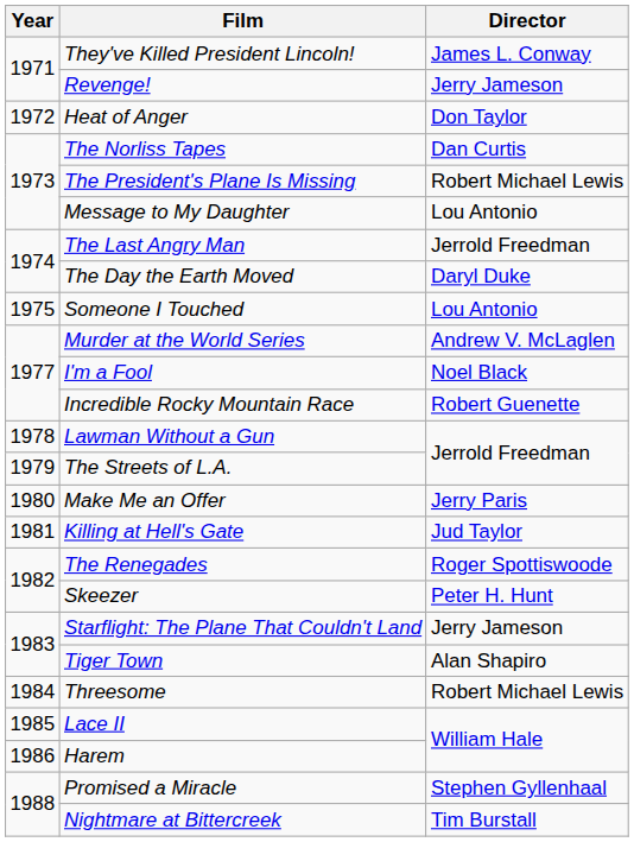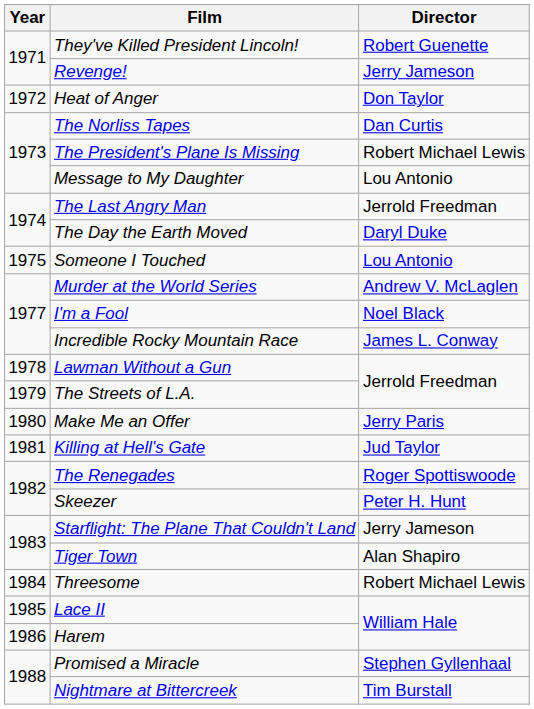 <table class="wikitable">
 <tr>
 <th>Year</th>
 <th>Film</th>
 <th>Director</th>
 </tr>
 <tr>
 <td rowspan=2>1971</td>
 <td><em>They've Killed President Lincoln!</em></td>
-<td><a href='#'>James L. Conway</a></td>
+<td><a href='#'>Robert Guenette</a></td>
 </tr>
 <tr>
 <td><em><a href='#'>Revenge!</a></em></td>
 <td><a href='#'>Jerry Jameson</a></td>
 </tr>
 <tr>
 <td>1972</td>
 <td><em>Heat of Anger</em></td>
 <td><a href='#'>Don Taylor</a></td>
 </tr>
 <tr>
 <td rowspan=3>1973</td>
 <td><em><a href='#'>The Norliss Tapes</a></em></td>
 <td><a href='#'>Dan Curtis</a></td>
 </tr>
 <tr>
 <td><em><a href='#'>The President's Plane Is Missing</a></em></td>
 <td>Robert Michael Lewis</td>
 </tr>
 <tr>
 <td><em>Message to My Daughter</em></td>
 <td>Lou Antonio</td>
 </tr>
 <tr>
 <td rowspan=2>1974</td>
 <td><em><a href='#'>The Last Angry Man</a></em></td>
 <td>Jerrold Freedman</td>
 </tr>
 <tr>
 <td><em>The Day the Earth Moved</em></td>
 <td><a href='#'>Daryl Duke</a></td>
 </tr>
 <tr>
 <td>1975</td>
 <td><em>Someone I Touched</em></td>
 <td><a href='#'>Lou Antonio</a></td>
 </tr>
 <tr>
 <td rowspan=3>1977</td>
 <td><em><a href='#'>Murder at the World Series</a></em></td>
 <td><a href='#'>Andrew V. McLaglen</a></td>
 </tr>
 <tr>
 <td><em><a href='#'>I'm a Fool</a></em></td>
 <td><a href='#'>Noel Black</a></td>
 </tr>
 <tr>
 <td><em>Incredible Rocky Mountain Race</em></td>
-<td><a href='#'>Robert Guenette</a></td>
+<td><a href='#'>James L. Conway</a></td>
 </tr>
 <tr>
 <td>1978</td>
 <td><em><a href='#'>Lawman Without a Gun</a></em></td>
 <td rowspan=2>Jerrold Freedman</td>
 </tr>
 <tr>
 <td>1979</td>
 <td><em>The Streets of L.A.</em></td>
 </tr>
 <tr>
 <td>1980</td>
 <td><em>Make Me an Offer</em></td>
 <td><a href='#'>Jerry Paris</a></td>
 </tr>
 <tr>
 <td>1981</td>
 <td><em><a href='#'>Killing at Hell's Gate</a></em></td>
 <td><a href='#'>Jud Taylor</a></td>
 </tr>
 <tr>
 <td rowspan=2>1982</td>
 <td><em><a href='#'>The Renegades</a></em></td>
 <td><a href='#'>Roger Spottiswoode</a></td>
 </tr>
 <tr>
 <td><em>Skeezer</em></td>
 <td><a href='#'>Peter H. Hunt</a></td>
 </tr>
 <tr>
 <td rowspan=2>1983</td>
 <td><em><a href='#'>Starflight: The Plane That Couldn't Land</a></em></td>
 <td>Jerry Jameson</td>
 </tr>
 <tr>
 <td><em><a href='#'>Tiger Town</a></em></td>
 <td>Alan Shapiro</td>
 </tr>
 <tr>
 <td>1984</td>
 <td><em>Threesome</em></td>
 <td>Robert Michael Lewis</td>
 </tr>
 <tr>
 <td>1985</td>
 <td><em><a href='#'>Lace II</a></em></td>
 <td rowspan=2><a href='#'>William Hale</a></td>
 </tr>
 <tr>
 <td>1986</td>
 <td><em>Harem</em></td>
 </tr>
 <tr>
 <td rowspan=2>1988</td>
 <td><em>Promised a Miracle</em></td>
 <td><a href='#'>Stephen Gyllenhaal</a></td>
 </tr>
 <tr>
 <td><em><a href='#'>Nightmare at Bittercreek</a></em></td>
 <td><a href='#'>Tim Burstall</a></td>
 </tr>
 </table>
